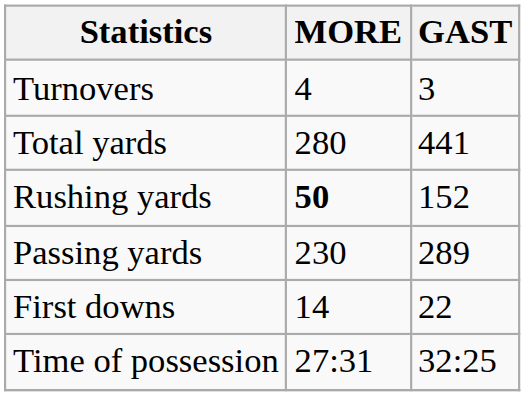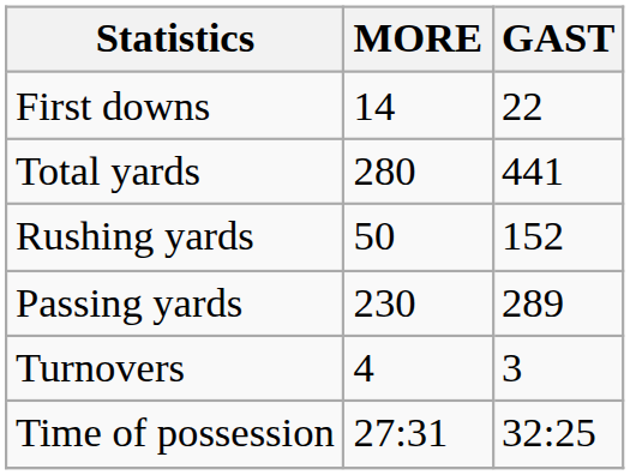 <table class="wikitable" style="float: left;">
 <tr>
 <th>Statistics</th>
 <th>MORE</th>
 <th>GAST</th>
 </tr>
 <tr>
-<td>Turnovers</td>
-<td>4</td>
-<td>3</td>
+<td>First downs</td>
+<td>14</td>
+<td>22</td>
 </tr>
 <tr>
 <td>Total yards</td>
 <td>280</td>
 <td>441</td>
 </tr>
 <tr>
 <td>Rushing yards</td>
-<td><strong>50</strong></td>
+<td>50</td>
 <td>152</td>
 </tr>
 <tr>
 <td>Passing yards</td>
 <td>230</td>
 <td>289</td>
 </tr>
 <tr>
-<td>First downs</td>
-<td>14</td>
-<td>22</td>
+<td>Turnovers</td>
+<td>4</td>
+<td>3</td>
 </tr>
 <tr>
 <td>Time of possession</td>
 <td>27:31</td>
 <td>32:25</td>
 </tr>
 <tr>
 </tr>
 </table>
